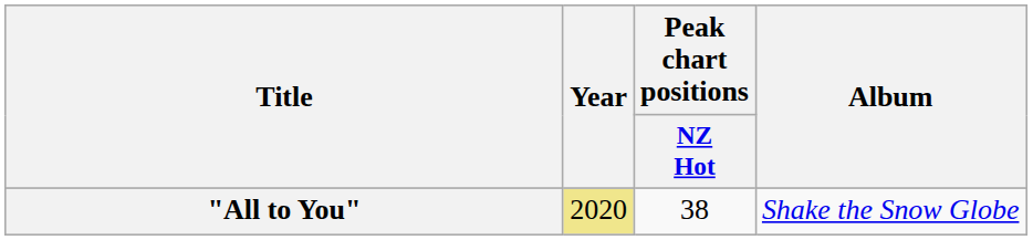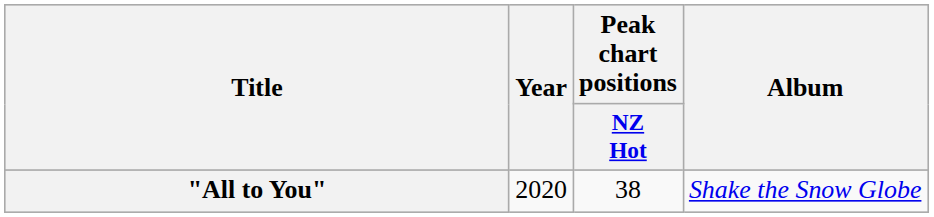 <table class="wikitable plainrowheaders" style="text-align:center;" border="1">
 <tr>
 <th scope="col" rowspan="2" style="width:19em;">Title</th>
 <th scope="col" rowspan="2">Year</th>
 <th scope="col">Peak chart positions</th>
 <th scope="col" rowspan="2">Album</th>
 </tr>
 <tr>
 <th scope="col" style="width:2.5em;font-size:90%;"><a href='#'>NZ<br>Hot</a><br></th>
 </tr>
 <tr>
 <th scope="row">"All to You"<br></th>
-<td style="background: khaki;">2020</td>
+<td>2020</td>
 <td>38</td>
 <td><em><a href='#'>Shake the Snow Globe</a></em></td>
 </tr>
 </table>
